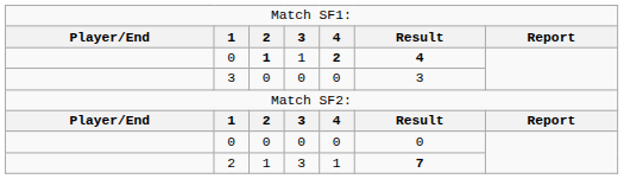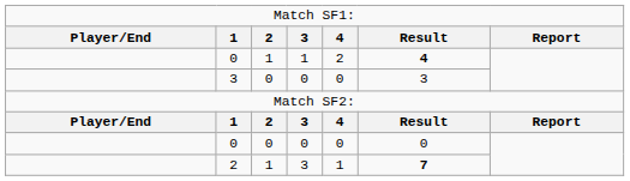 <table class="wikitable" style=font-size:85%;text-align:center;width:40%>
 <tr>
 <td colspan=7>Match SF1:</td>
 </tr>
 <tr>
 <th>Player/End</th>
 <th>1</th>
 <th>2</th>
 <th>3</th>
 <th>4</th>
 <th>Result</th>
 <th>Report</th>
 </tr>
 <tr>
 <td align=left> <strong></strong></td>
 <td>0</td>
-<td><strong>1</strong></td>
 <td>1</td>
-<td><strong>2</strong></td>
+<td>1</td>
+<td>2</td>
 <td><strong>4</strong></td>
 <td rowspan="2"></td>
 </tr>
 <tr>
 <td align=left> </td>
 <td>3</td>
 <td>0</td>
 <td>0</td>
 <td>0</td>
 <td>3</td>
 </tr>
 <tr>
 <td colspan=7>Match SF2:</td>
 </tr>
 <tr>
 <th>Player/End</th>
 <th>1</th>
 <th>2</th>
 <th>3</th>
 <th>4</th>
 <th>Result</th>
 <th>Report</th>
 </tr>
 <tr>
 <td align=left> </td>
 <td>0</td>
 <td>0</td>
 <td>0</td>
 <td>0</td>
 <td>0</td>
 <td rowspan="2"></td>
 </tr>
 <tr>
 <td align=left> <strong></strong></td>
 <td>2</td>
 <td>1</td>
 <td>3</td>
 <td>1</td>
 <td><strong>7</strong></td>
 </tr>
 </table>
